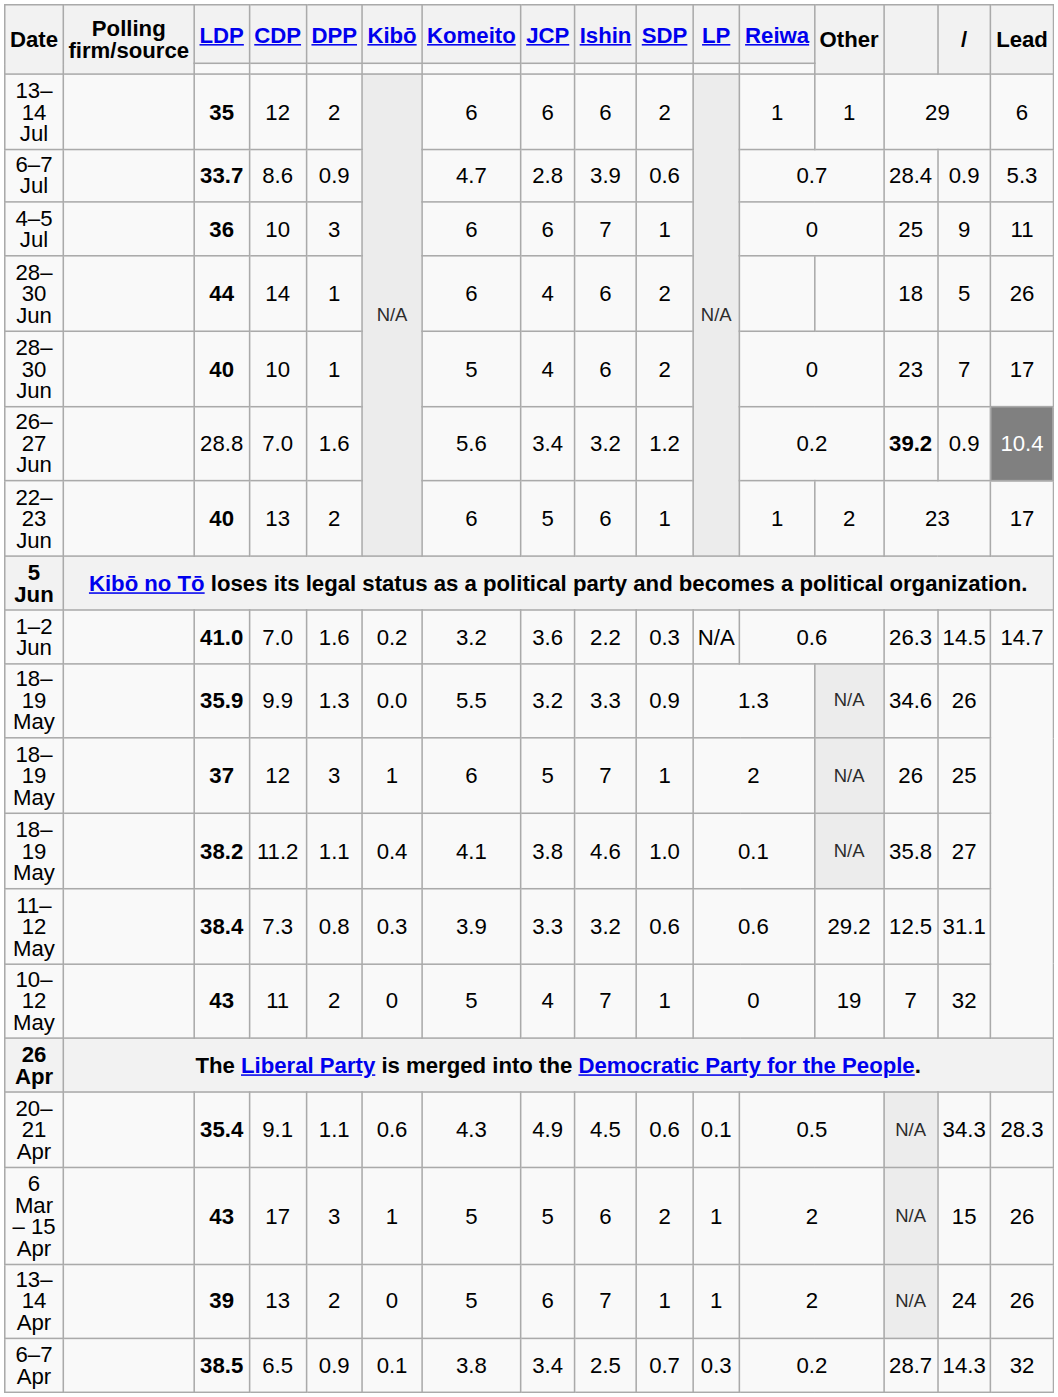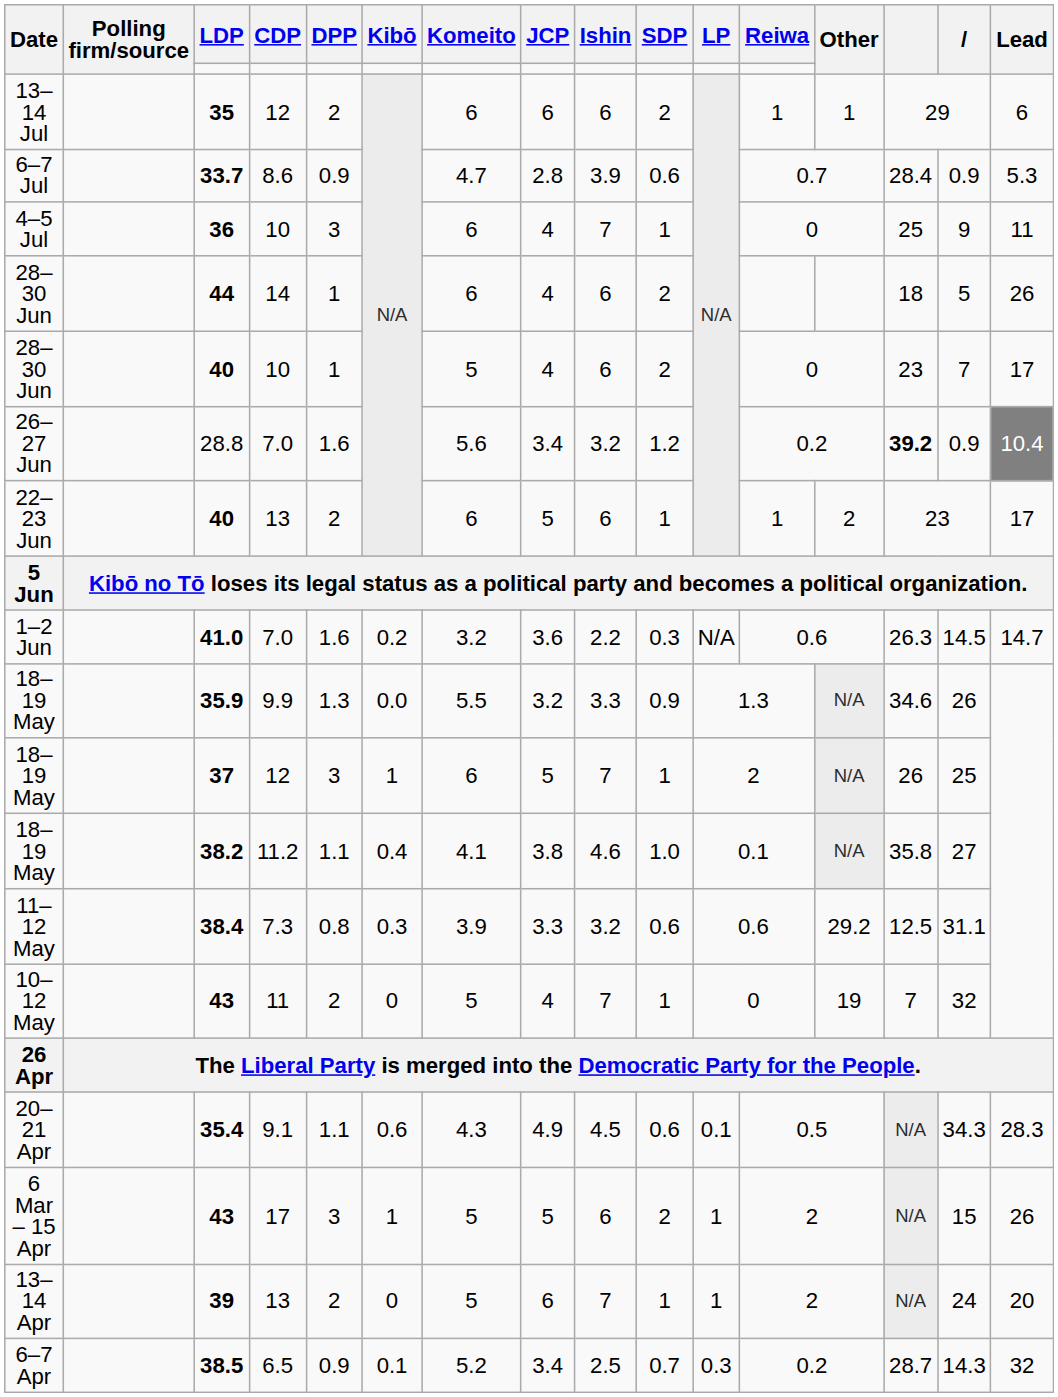 <table class="wikitable" style="text-align:center;font-size:90%;line-height:14px;">
 <tr style="height:38px;">
 <th class="unsortable" rowspan="2" width=100px>Date</th>
 <th class="unsortable" rowspan="2" width=155px>Polling firm/source</th>
 <th class="unsortable" width=38px><a href='#'>LDP</a></th>
 <th class="unsortable" width=38px><a href='#'>CDP</a></th>
 <th class="unsortable" width=38px><a href='#'>DPP</a></th>
 <th class="unsortable" width=38px><a href='#'>Kibō</a></th>
 <th class="unsortable" width=38px><a href='#'>Komeito</a></th>
 <th class="unsortable" width=38px><a href='#'>JCP</a></th>
 <th class="unsortable" width=38px><a href='#'>Ishin</a></th>
 <th class="unsortable" width=38px><a href='#'>SDP</a></th>
 <th class="unsortable" width=38px><a href='#'>LP</a></th>
 <th class="unsortable" width=38px><a href='#'>Reiwa</a></th>
 <th rowspan="2" class="unsortable" width="38px">Other</th>
 <th class="unsortable" width=38px rowspan=2></th>
 <th class="unsortable" width=38px rowspan=2>/<br></th>
 <th class="unsortable" width=38px rowspan=2>Lead</th>
 </tr>
 <tr>
 <td bgcolor=></td>
 <td bgcolor=></td>
 <td bgcolor=></td>
 <td bgcolor=></td>
 <td bgcolor=></td>
 <td bgcolor=></td>
 <td bgcolor=></td>
 <td bgcolor=></td>
 <td bgcolor=></td>
 <td bgcolor=></td>
 </tr>
 <tr>
 <td>13–14 Jul</td>
 <td></td>
 <td> <strong>35</strong></td>
 <td> 12</td>
 <td> 2</td>
 <td rowspan=7 style="background: #ececec; color: #2C2C2C; vertical-align: middle; font-size: smaller; text-align: center; " class="table-na">N/A</td>
 <td> 6</td>
 <td> 6</td>
 <td> 6</td>
 <td> 2</td>
 <td rowspan=7 style="background: #ececec; color: #2C2C2C; vertical-align: middle; font-size: smaller; text-align: center; " class="table-na">N/A</td>
 <td> 1</td>
 <td> 1</td>
 <td colspan=2> 29</td>
 <td style="background:">6</td>
 </tr>
 <tr>
 <td>6–7 Jul</td>
 <td></td>
 <td> <strong>33.7</strong></td>
 <td> 8.6</td>
 <td> 0.9</td>
 <td> 4.7</td>
 <td> 2.8</td>
 <td> 3.9</td>
 <td> 0.6</td>
 <td colspan=2> 0.7</td>
 <td> 28.4</td>
 <td> 0.9</td>
 <td style="background:">5.3</td>
 </tr>
 <tr>
 <td>4–5 Jul</td>
 <td></td>
 <td> <strong>36</strong></td>
 <td> 10</td>
 <td> 3</td>
 <td> 6</td>
-<td> 6</td>
+<td> 4</td>
 <td> 7</td>
 <td> 1</td>
 <td colspan=2> 0</td>
 <td> 25</td>
 <td> 9</td>
 <td style="background:">11</td>
 </tr>
 <tr>
 <td>28–30 Jun</td>
 <td></td>
 <td> <strong>44</strong></td>
 <td> 14</td>
 <td> 1</td>
 <td> 6</td>
 <td> 4</td>
 <td> 6</td>
 <td> 2</td>
 <td> </td>
 <td> </td>
 <td> 18</td>
 <td> 5</td>
 <td style="background:">26</td>
 </tr>
 <tr>
 <td>28–30 Jun</td>
 <td></td>
 <td> <strong>40</strong></td>
 <td> 10</td>
 <td> 1</td>
 <td> 5</td>
 <td> 4</td>
 <td> 6</td>
 <td> 2</td>
 <td colspan=2> 0</td>
 <td> 23</td>
 <td> 7</td>
 <td style="background:">17</td>
 </tr>
 <tr>
 <td>26–27 Jun</td>
 <td></td>
 <td> 28.8</td>
 <td> 7.0</td>
 <td> 1.6</td>
 <td> 5.6</td>
 <td> 3.4</td>
 <td> 3.2</td>
 <td> 1.2</td>
 <td colspan=2> 0.2</td>
 <td> <strong>39.2</strong></td>
 <td> 0.9</td>
 <td style="background:gray; color:white">10.4</td>
 </tr>
 <tr>
 <td>22–23 Jun</td>
 <td></td>
 <td> <strong>40</strong></td>
 <td> 13</td>
 <td> 2</td>
 <td> 6</td>
 <td> 5</td>
 <td> 6</td>
 <td> 1</td>
 <td> 1</td>
 <td> 2</td>
 <td colspan=2> 23</td>
 <td style="background:">17</td>
 </tr>
 <tr>
 <th>5 Jun</th>
 <th colspan="15"><a href='#'>Kibō no Tō</a> loses its legal status as a political party and becomes a political organization.</th>
 </tr>
 <tr>
 <td>1–2 Jun</td>
 <td></td>
 <td> <strong>41.0</strong></td>
 <td> 7.0</td>
 <td> 1.6</td>
 <td> 0.2</td>
 <td> 3.2</td>
 <td> 3.6</td>
 <td> 2.2</td>
 <td> 0.3</td>
 <td>N/A</td>
 <td colspan=2> 0.6</td>
 <td> 26.3</td>
 <td> 14.5</td>
 <td style="background:">14.7</td>
 </tr>
 <tr>
 <td>18–19 May</td>
 <td> </td>
 <td> <strong>35.9</strong></td>
 <td> 9.9</td>
 <td> 1.3</td>
 <td> 0.0</td>
 <td> 5.5</td>
 <td> 3.2</td>
 <td> 3.3</td>
 <td> 0.9</td>
 <td colspan=2> 1.3</td>
 <td style="background: #ececec; color: #2C2C2C; vertical-align: middle; font-size: smaller; text-align: center; " class="table-na">N/A</td>
 <td> 34.6</td>
 <td style="background:">26</td>
 </tr>
 <tr>
 <td>18–19 May</td>
 <td></td>
 <td> <strong>37</strong></td>
 <td> 12</td>
 <td> 3</td>
 <td> 1</td>
 <td> 6</td>
 <td> 5</td>
 <td> 7</td>
 <td> 1</td>
 <td colspan=2> 2</td>
 <td style="background: #ececec; color: #2C2C2C; vertical-align: middle; font-size: smaller; text-align: center; " class="table-na">N/A</td>
 <td> 26</td>
 <td style="background:">25</td>
 </tr>
 <tr>
 <td>18–19 May</td>
 <td></td>
 <td> <strong>38.2</strong></td>
 <td> 11.2</td>
 <td> 1.1</td>
 <td> 0.4</td>
 <td> 4.1</td>
 <td> 3.8</td>
 <td> 4.6</td>
 <td> 1.0</td>
 <td colspan=2> 0.1</td>
 <td style="background: #ececec; color: #2C2C2C; vertical-align: middle; font-size: smaller; text-align: center; " class="table-na">N/A</td>
 <td> 35.8</td>
 <td style="background:">27</td>
 </tr>
 <tr>
 <td>11–12 May</td>
 <td></td>
 <td> <strong>38.4</strong></td>
 <td> 7.3</td>
 <td> 0.8</td>
 <td> 0.3</td>
 <td> 3.9</td>
 <td> 3.3</td>
 <td> 3.2</td>
 <td> 0.6</td>
 <td colspan=2> 0.6</td>
 <td> 29.2</td>
 <td> 12.5</td>
 <td style="background:">31.1</td>
 </tr>
 <tr>
 <td>10–12 May</td>
 <td></td>
 <td> <strong>43</strong></td>
 <td> 11</td>
 <td> 2</td>
 <td> 0</td>
 <td> 5</td>
 <td> 4</td>
 <td> 7</td>
 <td> 1</td>
 <td colspan=2> 0</td>
 <td> 19</td>
 <td> 7</td>
 <td style="background:">32</td>
 </tr>
 <tr>
 <th>26 Apr</th>
 <th colspan="15">The <a href='#'>Liberal Party</a> is merged into the <a href='#'>Democratic Party for the People</a>.</th>
 </tr>
 <tr>
 <td>20–21 Apr</td>
 <td> </td>
 <td> <strong>35.4</strong></td>
 <td> 9.1</td>
 <td> 1.1</td>
 <td> 0.6</td>
 <td> 4.3</td>
 <td> 4.9</td>
 <td> 4.5</td>
 <td> 0.6</td>
 <td> 0.1</td>
 <td colspan=2> 0.5</td>
 <td style="background: #ececec; color: #2C2C2C; vertical-align: middle; font-size: smaller; text-align: center; " class="table-na">N/A</td>
 <td> 34.3</td>
 <td style="background:">28.3</td>
 </tr>
 <tr>
 <td>6 Mar – 15 Apr</td>
 <td></td>
 <td> <strong>43</strong></td>
 <td> 17</td>
 <td> 3</td>
 <td> 1</td>
 <td> 5</td>
 <td> 5</td>
 <td> 6</td>
 <td> 2</td>
 <td> 1</td>
 <td colspan=2> 2</td>
 <td style="background: #ececec; color: #2C2C2C; vertical-align: middle; font-size: smaller; text-align: center; " class="table-na">N/A</td>
 <td> 15</td>
 <td style="background:">26</td>
 </tr>
 <tr>
 <td>13–14 Apr</td>
 <td></td>
 <td> <strong>39</strong></td>
 <td> 13</td>
 <td> 2</td>
 <td> 0</td>
 <td> 5</td>
 <td> 6</td>
 <td> 7</td>
 <td> 1</td>
 <td> 1</td>
 <td colspan=2> 2</td>
 <td style="background: #ececec; color: #2C2C2C; vertical-align: middle; font-size: smaller; text-align: center; " class="table-na">N/A</td>
 <td> 24</td>
-<td style="background:">26</td>
+<td style="background:">20</td>
 </tr>
 <tr>
 <td>6–7 Apr</td>
 <td></td>
 <td> <strong>38.5</strong></td>
 <td> 6.5</td>
 <td> 0.9</td>
 <td> 0.1</td>
-<td> 3.8</td>
+<td> 5.2</td>
 <td> 3.4</td>
 <td> 2.5</td>
 <td> 0.7</td>
 <td> 0.3</td>
 <td colspan=2> 0.2</td>
 <td> 28.7</td>
 <td> 14.3</td>
 <td style="background:">32</td>
 </tr>
 </table>
